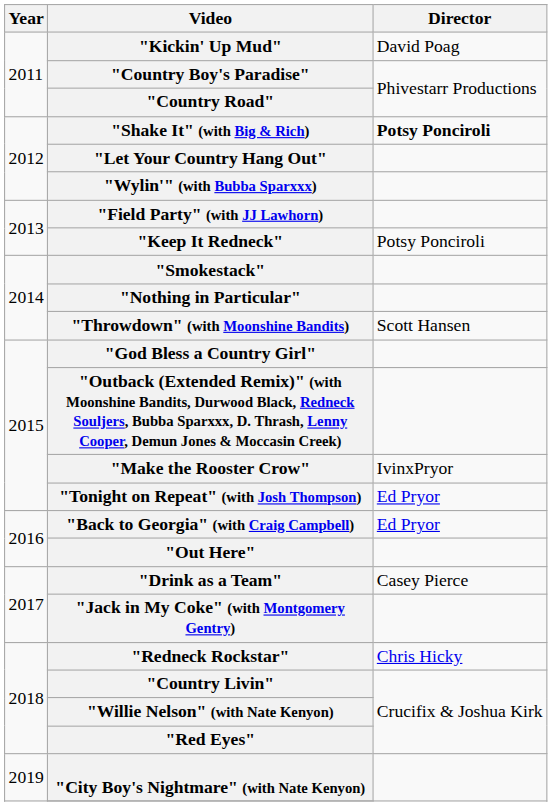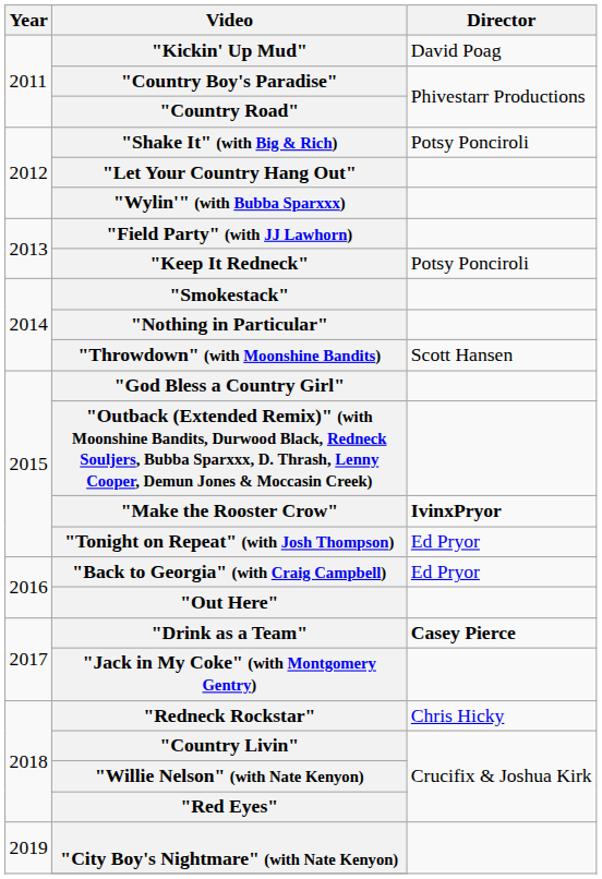 <table class="wikitable plainrowheaders">
 <tr>
 <th>Year</th>
 <th style="width:18em;">Video</th>
 <th>Director</th>
 </tr>
 <tr>
 <td rowspan="3">2011</td>
 <th scope="row">"Kickin' Up Mud"</th>
 <td>David Poag</td>
 </tr>
 <tr>
 <th scope="row">"Country Boy's Paradise"</th>
 <td rowspan="2">Phivestarr Productions</td>
 </tr>
 <tr>
 <th scope="row">"Country Road"</th>
 </tr>
 <tr>
 <td rowspan="3">2012</td>
 <th scope="row">"Shake It" <small>(with <a href='#'>Big & Rich</a>)</small></th>
-<td><strong>Potsy Ponciroli</strong></td>
+<td>Potsy Ponciroli</td>
 </tr>
 <tr>
 <th scope="row">"Let Your Country Hang Out"</th>
 <td></td>
 </tr>
 <tr>
 <th scope="row">"Wylin'" <small>(with <a href='#'>Bubba Sparxxx</a>)</small></th>
 </tr>
 <tr>
 <td rowspan="2">2013</td>
 <th scope="row">"Field Party" <small>(with <a href='#'>JJ Lawhorn</a>)</small></th>
 <td></td>
 </tr>
 <tr>
 <th scope="row">"Keep It Redneck"</th>
 <td>Potsy Ponciroli</td>
 </tr>
 <tr>
 <td rowspan="3">2014</td>
 <th scope="row">"Smokestack"</th>
 <td></td>
 </tr>
 <tr>
 <th scope="row">"Nothing in Particular"</th>
 <td></td>
 </tr>
 <tr>
 <th scope="row">"Throwdown" <small>(with <a href='#'>Moonshine Bandits</a>)</small></th>
 <td>Scott Hansen</td>
 </tr>
 <tr>
 <td rowspan="4">2015</td>
 <th scope="row">"God Bless a Country Girl"</th>
 <td></td>
 </tr>
 <tr>
 <th scope="row">"Outback (Extended Remix)" <small>(with Moonshine Bandits, Durwood Black, <a href='#'>Redneck Souljers</a>, Bubba Sparxxx, D. Thrash, <a href='#'>Lenny Cooper</a>, Demun Jones & Moccasin Creek)</small></th>
 <td></td>
 </tr>
 <tr>
 <th scope="row">"Make the Rooster Crow"</th>
-<td>IvinxPryor</td>
+<td><strong>IvinxPryor</strong></td>
 </tr>
 <tr>
 <th scope="row">"Tonight on Repeat" <small>(with <a href='#'>Josh Thompson</a>)</small></th>
 <td><a href='#'>Ed Pryor</a></td>
 </tr>
 <tr>
 <td rowspan="2">2016</td>
 <th scope="row">"Back to Georgia" <small>(with <a href='#'>Craig Campbell</a>)</small></th>
 <td><a href='#'>Ed Pryor</a></td>
 </tr>
 <tr>
 <th scope="row">"Out Here"</th>
 <td></td>
 </tr>
 <tr>
 <td rowspan="2">2017</td>
 <th scope="row">"Drink as a Team"</th>
-<td>Casey Pierce</td>
+<td><strong>Casey Pierce</strong></td>
 </tr>
 <tr>
 <th scope="row">"Jack in My Coke" <small>(with <a href='#'>Montgomery Gentry</a>)</small></th>
 <td></td>
 </tr>
 <tr>
 <td rowspan="4">2018</td>
 <th scope="row">"Redneck Rockstar"</th>
 <td><a href='#'>Chris Hicky</a></td>
 </tr>
 <tr>
 <th scope="row">"Country Livin"</th>
 <td rowspan="3">Crucifix & Joshua Kirk</td>
 </tr>
 <tr>
 <th scope="row">"Willie Nelson" <small>(with Nate Kenyon)</small></th>
 </tr>
 <tr>
 <th scope="row">"Red Eyes"</th>
 </tr>
 <tr>
 <td rowspan="4">2019</td>
 <th scope="row"><br>"City Boy's Nightmare" <small>(with Nate Kenyon)</small></th>
 </tr>
 <tr>
 </tr>
 </table>
